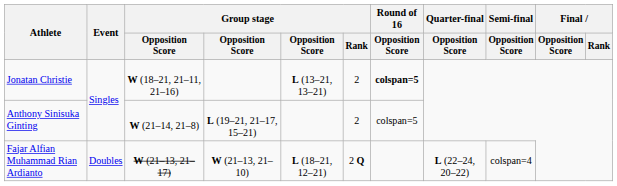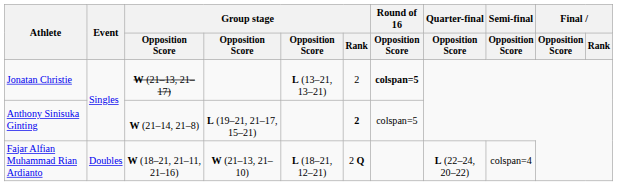 <table class="wikitable" style="font-size:90%">
 <tr>
 <th rowspan="2">Athlete</th>
 <th rowspan="2">Event</th>
 <th colspan="4">Group stage</th>
 <th>Round of 16</th>
 <th>Quarter-final</th>
 <th>Semi-final</th>
 <th colspan="2">Final / </th>
 </tr>
 <tr style="font-size:95%">
 <th>Opposition<br>Score</th>
 <th>Opposition<br>Score</th>
 <th>Opposition<br>Score</th>
 <th>Rank</th>
 <th>Opposition<br>Score</th>
 <th>Opposition<br>Score</th>
 <th>Opposition<br>Score</th>
 <th>Opposition<br>Score</th>
 <th>Rank</th>
 </tr>
 <tr align="center">
 <td align="left"><a href='#'>Jonatan Christie</a></td>
 <td align="left" rowspan="2"><a href='#'>Singles</a></td>
-<td><br><strong>W</strong> (18–21, 21–11, 21–16)</td>
+<td><br><s><strong>W</strong> (21–13, 21–17)</s></td>
 <td><br></td>
 <td><br><strong>L</strong> (13–21, 13–21)</td>
 <td>2</td>
 <td><strong>colspan=5 </strong></td>
 </tr>
 <tr align="center">
 <td align="left"><a href='#'>Anthony Sinisuka Ginting</a></td>
 <td><br> <strong>W</strong> (21–14, 21–8)</td>
 <td><br><strong>L</strong> (19–21, 21–17, 15–21)</td>
 <td></td>
-<td>2</td>
+<td><strong>2</strong></td>
 <td>colspan=5 </td>
 </tr>
 <tr align="center">
 <td align="left"><a href='#'>Fajar Alfian</a><br><a href='#'>Muhammad Rian Ardianto</a></td>
 <td align="left"><a href='#'>Doubles</a></td>
-<td><br><s><strong>W</strong> (21–13, 21–17)</s></td>
+<td><br><strong>W</strong> (18–21, 21–11, 21–16)</td>
 <td><br><strong>W</strong> (21–13, 21–10)</td>
 <td><br><strong>L</strong> (18–21, 12–21)</td>
 <td>2 <strong>Q</strong></td>
 <td></td>
 <td><br><strong>L</strong> (22–24, 20–22)</td>
 <td>colspan=4 </td>
 </tr>
 </table>
